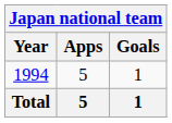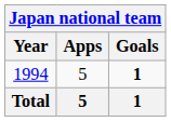 <table class="wikitable" style="text-align:center">
 <tr>
 <th colspan=3><a href='#'>Japan national team</a></th>
 </tr>
 <tr>
 <th>Year</th>
 <th>Apps</th>
 <th>Goals</th>
 </tr>
 <tr>
 <td><a href='#'>1994</a></td>
 <td>5</td>
-<td>1</td>
+<td><strong>1</strong></td>
 </tr>
 <tr>
 <th>Total</th>
 <th>5</th>
 <th>1</th>
 </tr>
 </table>
